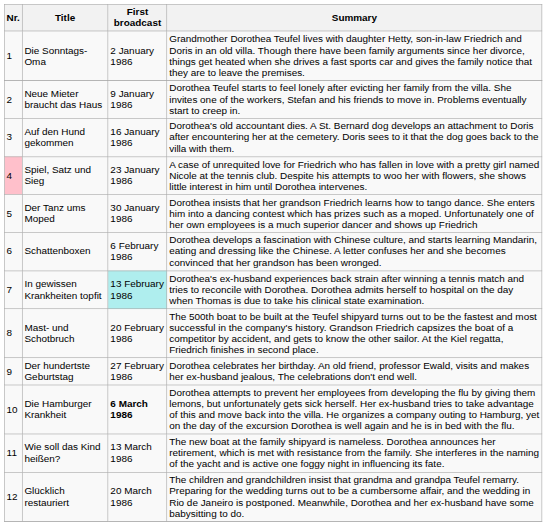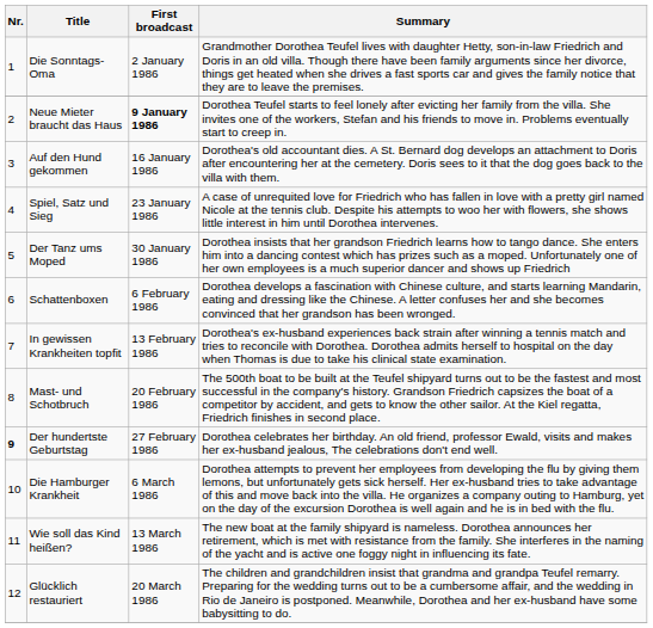 <table class="wikitable">
 <tr>
 <th>Nr.</th>
 <th>Title</th>
 <th>First broadcast</th>
 <th>Summary</th>
 </tr>
 <tr>
 <td>1</td>
 <td>Die Sonntags-Oma</td>
 <td>2 January 1986</td>
 <td>Grandmother Dorothea Teufel lives with daughter Hetty, son-in-law Friedrich and Doris in an old villa. Though there have been family arguments since her divorce, things get heated when she drives a fast sports car and gives the family notice that they are to leave the premises.</td>
 </tr>
 <tr>
 </tr>
 <tr>
 <td>2</td>
 <td>Neue Mieter braucht das Haus</td>
-<td>9 January 1986</td>
+<td><strong>9 January 1986</strong></td>
 <td>Dorothea Teufel starts to feel lonely after evicting her family from the villa. She invites one of the workers, Stefan and his friends to move in. Problems eventually start to creep in.</td>
 </tr>
 <tr>
 <td>3</td>
 <td>Auf den Hund gekommen</td>
 <td>16 January 1986</td>
 <td>Dorothea's old accountant dies. A St. Bernard dog develops an attachment to Doris after encountering her at the cemetery. Doris sees to it that the dog goes back to the villa with them.</td>
 </tr>
 <tr>
-<td style="background: pink;">4</td>
+<td>4</td>
 <td>Spiel, Satz und Sieg</td>
 <td>23 January 1986</td>
 <td>A case of unrequited love for Friedrich who has fallen in love with a pretty girl named Nicole at the tennis club. Despite his attempts to woo her with flowers, she shows little interest in him until Dorothea intervenes.</td>
 </tr>
 <tr>
 <td>5</td>
 <td>Der Tanz ums Moped</td>
 <td>30 January 1986</td>
 <td>Dorothea insists that her grandson Friedrich learns how to tango dance. She enters him into a dancing contest which has prizes such as a moped. Unfortunately one of her own employees is a much superior dancer and shows up Friedrich</td>
 </tr>
 <tr>
 <td>6</td>
 <td>Schattenboxen</td>
 <td>6 February 1986</td>
 <td>Dorothea develops a fascination with Chinese culture, and starts learning Mandarin, eating and dressing like the Chinese. A letter confuses her and she becomes convinced that her grandson has been wronged.</td>
 </tr>
 <tr>
 <td>7</td>
 <td>In gewissen Krankheiten topfit</td>
-<td style="background: paleturquoise;">13 February 1986</td>
+<td>13 February 1986</td>
 <td>Dorothea's ex-husband experiences back strain after winning a tennis match and tries to reconcile with Dorothea. Dorothea admits herself to hospital on the day when Thomas is due to take his clinical state examination.</td>
 </tr>
 <tr>
 <td>8</td>
 <td>Mast- und Schotbruch</td>
 <td>20 February 1986</td>
 <td>The 500th boat to be built at the Teufel shipyard turns out to be the fastest and most successful in the company's history. Grandson Friedrich capsizes the boat of a competitor by accident, and gets to know the other sailor. At the Kiel regatta, Friedrich finishes in second place.</td>
 </tr>
 <tr>
-<td>9</td>
+<td><strong>9</strong></td>
 <td>Der hundertste Geburtstag</td>
 <td>27 February 1986</td>
 <td>Dorothea celebrates her birthday. An old friend, professor Ewald, visits and makes her ex-husband jealous, The celebrations don't end well.</td>
 </tr>
 <tr>
 <td>10</td>
 <td>Die Hamburger Krankheit</td>
-<td><strong>6 March 1986</strong></td>
+<td>6 March 1986</td>
 <td>Dorothea attempts to prevent her employees from developing the flu by giving them lemons, but unfortunately gets sick herself. Her ex-husband tries to take advantage of this and move back into the villa. He organizes a company outing to Hamburg, yet on the day of the excursion Dorothea is well again and he is in bed with the flu.</td>
 </tr>
 <tr>
 <td>11</td>
 <td>Wie soll das Kind heißen?</td>
 <td>13 March 1986</td>
 <td>The new boat at the family shipyard is nameless. Dorothea announces her retirement, which is met with resistance from the family. She interferes in the naming of the yacht and is active one foggy night in influencing its fate.</td>
 </tr>
 <tr>
 <td>12</td>
 <td>Glücklich restauriert</td>
 <td>20 March 1986</td>
 <td>The children and grandchildren insist that grandma and grandpa Teufel remarry. Preparing for the wedding turns out to be a cumbersome affair, and the wedding in Rio de Janeiro is postponed. Meanwhile, Dorothea and her ex-husband have some babysitting to do.</td>
 </tr>
 <tr>
 </tr>
 </table>
